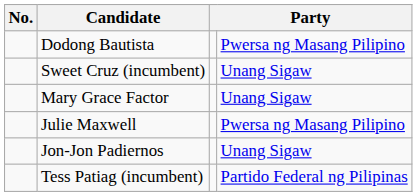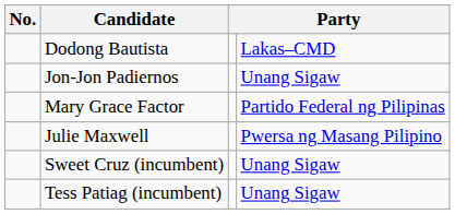 <table class="wikitable sortable" style="text-align:left;">
 <tr>
 <th>No.</th>
 <th>Candidate</th>
 <th colspan="2">Party</th>
 </tr>
 <tr>
 <td></td>
 <td>Dodong Bautista</td>
+<td></td>
+<td><a href='#'>Lakas–CMD</a></td>
+</tr>
+<tr>
+<td></td>
+<td>Jon-Jon Padiernos</td>
+<td></td>
+<td><a href='#'>Unang Sigaw</a></td>
+</tr>
+<tr>
+<td></td>
+<td>Mary Grace Factor</td>
+<td></td>
+<td><a href='#'>Partido Federal ng Pilipinas</a></td>
+</tr>
+<tr>
+<td></td>
+<td>Julie Maxwell</td>
 <td></td>
 <td><a href='#'>Pwersa ng Masang Pilipino</a></td>
 </tr>
 <tr>
 <td></td>
 <td>Sweet Cruz (incumbent)</td>
 <td></td>
 <td><a href='#'>Unang Sigaw</a></td>
 </tr>
 <tr>
 <td></td>
-<td>Mary Grace Factor</td>
+<td>Tess Patiag (incumbent)</td>
 <td></td>
 <td><a href='#'>Unang Sigaw</a></td>
 </tr>
-<tr>
-<td></td>
-<td>Julie Maxwell</td>
-<td></td>
-<td><a href='#'>Pwersa ng Masang Pilipino</a></td>
-</tr>
-<tr>
-<td></td>
-<td>Jon-Jon Padiernos</td>
-<td></td>
-<td><a href='#'>Unang Sigaw</a></td>
-</tr>
-<tr>
-<td></td>
-<td>Tess Patiag (incumbent)</td>
-<td></td>
-<td><a href='#'>Partido Federal ng Pilipinas</a></td>
-</tr>
 </table>
